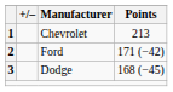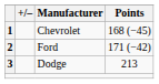 <table class="wikitable">
 <tr>
 </tr>
 <tr>
 <th scope="col"></th>
 <th scope="col">+/–</th>
 <th scope="col">Manufacturer</th>
 <th scope="col">Points</th>
 </tr>
 <tr>
 <th scope="row">1</th>
 <td align="left"></td>
 <td>Chevrolet</td>
-<td style="text-align:center;">213</td>
+<td style="text-align:center;">168 (−45)</td>
 </tr>
 <tr>
 <th scope="row">2</th>
 <td align="left"></td>
 <td>Ford</td>
 <td style="text-align:center;">171 (−42)</td>
 </tr>
 <tr>
 <th scope="row">3</th>
 <td align="left"></td>
 <td>Dodge</td>
-<td style="text-align:center;">168 (−45)</td>
+<td style="text-align:center;">213</td>
 </tr>
 <tr class="sortbottom">
 <td colspan="9"></td>
 </tr>
 </table>
